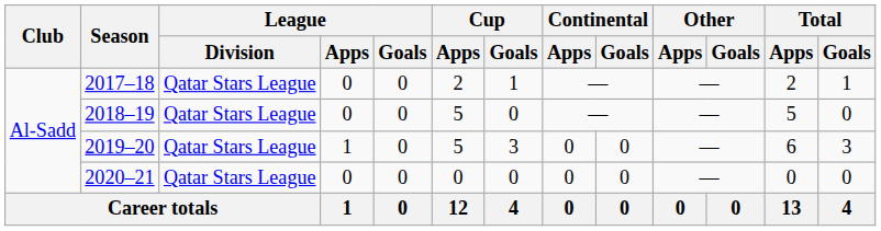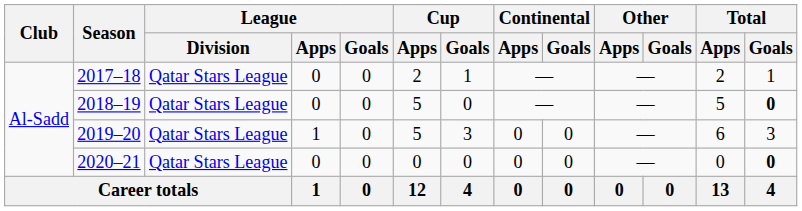 <table class="wikitable" style="text-align: center">
 <tr>
 <th rowspan="2">Club</th>
 <th rowspan="2">Season</th>
 <th colspan="3">League</th>
 <th colspan="2">Cup</th>
 <th colspan="2">Continental</th>
 <th colspan="2">Other</th>
 <th colspan="2">Total</th>
 </tr>
 <tr>
 <th>Division</th>
 <th>Apps</th>
 <th>Goals</th>
 <th>Apps</th>
 <th>Goals</th>
 <th>Apps</th>
 <th>Goals</th>
 <th>Apps</th>
 <th>Goals</th>
 <th>Apps</th>
 <th>Goals</th>
 </tr>
 <tr>
 <td rowspan=4><a href='#'>Al-Sadd</a></td>
 <td><a href='#'>2017–18</a></td>
 <td><a href='#'>Qatar Stars League</a></td>
 <td>0</td>
 <td>0</td>
 <td>2</td>
 <td>1</td>
 <td colspan=2>—</td>
 <td colspan=2>—</td>
 <td>2</td>
 <td>1</td>
 </tr>
 <tr>
 <td><a href='#'>2018–19</a></td>
 <td><a href='#'>Qatar Stars League</a></td>
 <td>0</td>
 <td>0</td>
 <td>5</td>
 <td>0</td>
 <td colspan=2>—</td>
 <td colspan=2>—</td>
 <td>5</td>
-<td>0</td>
+<td><strong>0</strong></td>
 </tr>
 <tr>
 <td><a href='#'>2019–20</a></td>
 <td><a href='#'>Qatar Stars League</a></td>
 <td>1</td>
 <td>0</td>
 <td>5</td>
 <td>3</td>
 <td>0</td>
 <td>0</td>
 <td colspan=2>—</td>
 <td>6</td>
 <td>3</td>
 </tr>
 <tr>
 <td><a href='#'>2020–21</a></td>
 <td><a href='#'>Qatar Stars League</a></td>
 <td>0</td>
 <td>0</td>
 <td>0</td>
 <td>0</td>
 <td>0</td>
 <td>0</td>
 <td colspan=2>—</td>
 <td>0</td>
-<td>0</td>
+<td><strong>0</strong></td>
 </tr>
 <tr>
 <th colspan=3>Career totals</th>
 <th>1</th>
 <th>0</th>
 <th>12</th>
 <th>4</th>
 <th>0</th>
 <th>0</th>
 <th>0</th>
 <th>0</th>
 <th>13</th>
 <th>4</th>
 </tr>
 </table>
